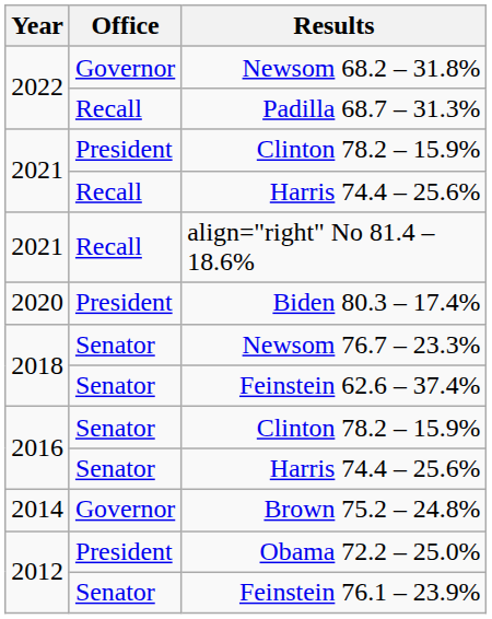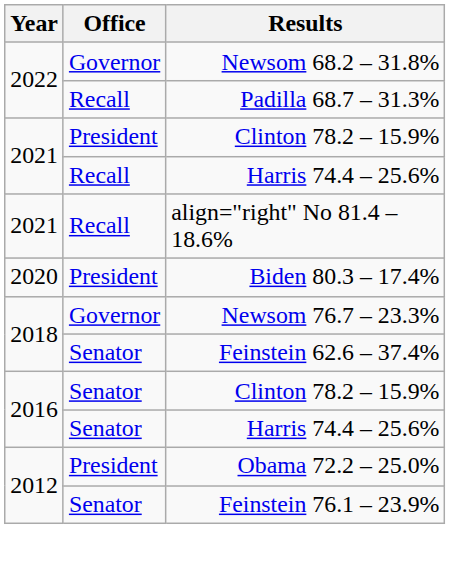 <table class=wikitable>
 <tr>
 <th width="30">Year</th>
 <th width="60">Office</th>
 <th width="180">Results</th>
 </tr>
 <tr>
 <td rowspan="2">2022</td>
 <td><a href='#'>Governor</a></td>
 <td align="right" ><a href='#'>Newsom</a> 68.2 – 31.8%</td>
 </tr>
 <tr>
 <td><a href='#'>Recall</a></td>
 <td align="right" ><a href='#'>Padilla</a> 68.7 – 31.3%</td>
 </tr>
 <tr>
 <td rowspan="2">2021</td>
 <td><a href='#'>President</a></td>
 <td align="right" ><a href='#'>Clinton</a> 78.2 – 15.9%</td>
 </tr>
 <tr>
 <td><a href='#'>Recall</a></td>
 <td align="right" ><a href='#'>Harris</a> 74.4 – 25.6%</td>
 </tr>
 <tr>
 <td>2021</td>
 <td><a href='#'>Recall</a></td>
 <td>align="right"  No 81.4 – 18.6%</td>
 </tr>
 <tr>
 <td>2020</td>
 <td><a href='#'>President</a></td>
 <td align="right" ><a href='#'>Biden</a> 80.3 – 17.4%</td>
 </tr>
 <tr>
 <td rowspan="2">2018</td>
-<td><a href='#'>Senator</a></td>
+<td><a href='#'>Governor</a></td>
 <td align="right" ><a href='#'>Newsom</a> 76.7 – 23.3%</td>
 </tr>
 <tr>
 <td><a href='#'>Senator</a></td>
 <td align="right" ><a href='#'>Feinstein</a> 62.6 – 37.4%</td>
 </tr>
 <tr>
 <td rowspan="2">2016</td>
 <td><a href='#'>Senator</a></td>
 <td align="right" ><a href='#'>Clinton</a> 78.2 – 15.9%</td>
 </tr>
 <tr>
 <td><a href='#'>Senator</a></td>
 <td align="right" ><a href='#'>Harris</a> 74.4 – 25.6%</td>
 </tr>
 <tr>
-<td>2014</td>
-<td><a href='#'>Governor</a></td>
-<td align="right" ><a href='#'>Brown</a> 75.2 – 24.8%</td>
-</tr>
-<tr>
 <td rowspan="2">2012</td>
 <td><a href='#'>President</a></td>
 <td align="right" ><a href='#'>Obama</a> 72.2 – 25.0%</td>
 </tr>
 <tr>
 <td><a href='#'>Senator</a></td>
 <td align="right" ><a href='#'>Feinstein</a> 76.1 – 23.9%</td>
 </tr>
 </table>
